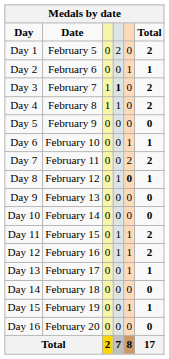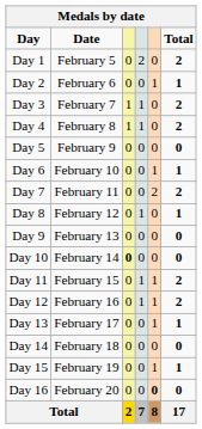 <table class=wikitable style=font-size:85%;float:right>
 <tr bgcolor=EFEFEF>
 <th colspan=6>Medals by date</th>
 </tr>
 <tr align=center>
 <td><strong>Day</strong></td>
 <td><strong>Date</strong></td>
 <td bgcolor=F7F6A8></td>
 <td bgcolor=DCE5E5></td>
 <td bgcolor=FFDAB9></td>
 <td><strong>Total</strong></td>
 </tr>
 <tr align=center>
 <td>Day 1</td>
 <td>February 5</td>
 <td bgcolor=F7F6A8>0</td>
 <td bgcolor=DCE5E5>2</td>
 <td bgcolor=FFDAB9>0</td>
 <td><strong>2</strong></td>
 </tr>
 <tr align=center>
 <td>Day 2</td>
 <td>February 6</td>
 <td bgcolor=F7F6A8>0</td>
 <td bgcolor=DCE5E5>0</td>
 <td bgcolor=FFDAB9>1</td>
 <td><strong>1</strong></td>
 </tr>
 <tr align=center>
 <td>Day 3</td>
 <td>February 7</td>
 <td bgcolor=F7F6A8>1</td>
-<td bgcolor=DCE5E5><strong>1</strong></td>
+<td bgcolor=DCE5E5>1</td>
 <td bgcolor=FFDAB9>0</td>
 <td><strong>2</strong></td>
 </tr>
 <tr align=center>
 <td>Day 4</td>
 <td>February 8</td>
 <td bgcolor=F7F6A8>1</td>
 <td bgcolor=DCE5E5>1</td>
 <td bgcolor=FFDAB9>0</td>
 <td><strong>2</strong></td>
 </tr>
 <tr align=center>
 <td>Day 5</td>
 <td>February 9</td>
 <td bgcolor=F7F6A8>0</td>
 <td bgcolor=DCE5E5>0</td>
 <td bgcolor=FFDAB9>0</td>
 <td><strong>0</strong></td>
 </tr>
 <tr align=center>
 <td>Day 6</td>
 <td>February 10</td>
 <td bgcolor=F7F6A8>0</td>
 <td bgcolor=DCE5E5>0</td>
 <td bgcolor=FFDAB9>1</td>
 <td><strong>1</strong></td>
 </tr>
 <tr align=center>
 <td>Day 7</td>
 <td>February 11</td>
 <td bgcolor=F7F6A8>0</td>
 <td bgcolor=DCE5E5>0</td>
 <td bgcolor=FFDAB9>2</td>
 <td><strong>2</strong></td>
 </tr>
 <tr align=center>
 <td>Day 8</td>
 <td>February 12</td>
 <td bgcolor=F7F6A8>0</td>
 <td bgcolor=DCE5E5>1</td>
-<td bgcolor=FFDAB9><strong>0</strong></td>
+<td bgcolor=FFDAB9>0</td>
 <td><strong>1</strong></td>
 </tr>
 <tr align=center>
 <td>Day 9</td>
 <td>February 13</td>
 <td bgcolor=F7F6A8>0</td>
 <td bgcolor=DCE5E5>0</td>
 <td bgcolor=FFDAB9>0</td>
 <td><strong>0</strong></td>
 </tr>
 <tr align=center>
 <td>Day 10</td>
 <td>February 14</td>
-<td bgcolor=F7F6A8>0</td>
+<td bgcolor=F7F6A8><strong>0</strong></td>
 <td bgcolor=DCE5E5>0</td>
 <td bgcolor=FFDAB9>0</td>
 <td><strong>0</strong></td>
 </tr>
 <tr align=center>
 <td>Day 11</td>
 <td>February 15</td>
 <td bgcolor=F7F6A8>0</td>
 <td bgcolor=DCE5E5>1</td>
 <td bgcolor=FFDAB9>1</td>
 <td><strong>2</strong></td>
 </tr>
 <tr align=center>
 <td>Day 12</td>
 <td>February 16</td>
 <td bgcolor=F7F6A8>0</td>
 <td bgcolor=DCE5E5>1</td>
 <td bgcolor=FFDAB9>1</td>
 <td><strong>2</strong></td>
 </tr>
 <tr align=center>
 <td>Day 13</td>
 <td>February 17</td>
 <td bgcolor=F7F6A8>0</td>
 <td bgcolor=DCE5E5>0</td>
 <td bgcolor=FFDAB9>1</td>
 <td><strong>1</strong></td>
 </tr>
 <tr align=center>
 <td>Day 14</td>
 <td>February 18</td>
 <td bgcolor=F7F6A8>0</td>
 <td bgcolor=DCE5E5>0</td>
 <td bgcolor=FFDAB9>0</td>
 <td><strong>0</strong></td>
 </tr>
 <tr align=center>
 <td>Day 15</td>
 <td>February 19</td>
 <td bgcolor=F7F6A8>0</td>
 <td bgcolor=DCE5E5>0</td>
 <td bgcolor=FFDAB9>1</td>
 <td><strong>1</strong></td>
 </tr>
 <tr align=center>
 <td>Day 16</td>
 <td>February 20</td>
 <td bgcolor=F7F6A8>0</td>
 <td bgcolor=DCE5E5>0</td>
-<td bgcolor=FFDAB9>0</td>
+<td bgcolor=FFDAB9><strong>0</strong></td>
 <td><strong>0</strong></td>
 </tr>
 <tr>
 <th colspan=2>Total</th>
 <th style="background:gold">2</th>
 <th style="background:silver">7</th>
 <th style="background:#c96">8</th>
 <th>17</th>
 </tr>
 </table>
